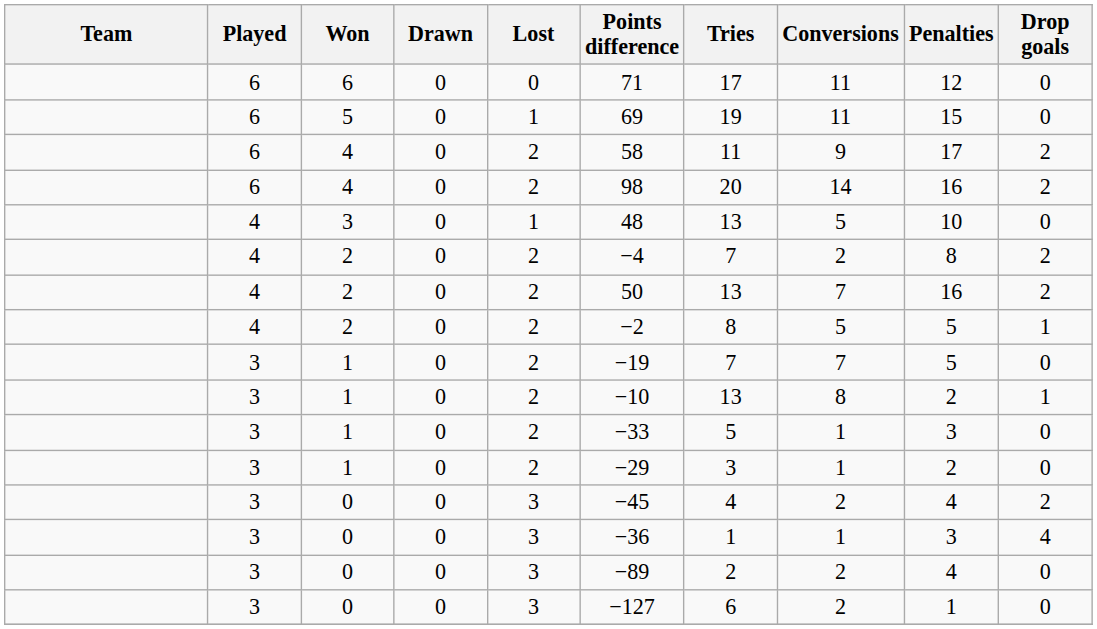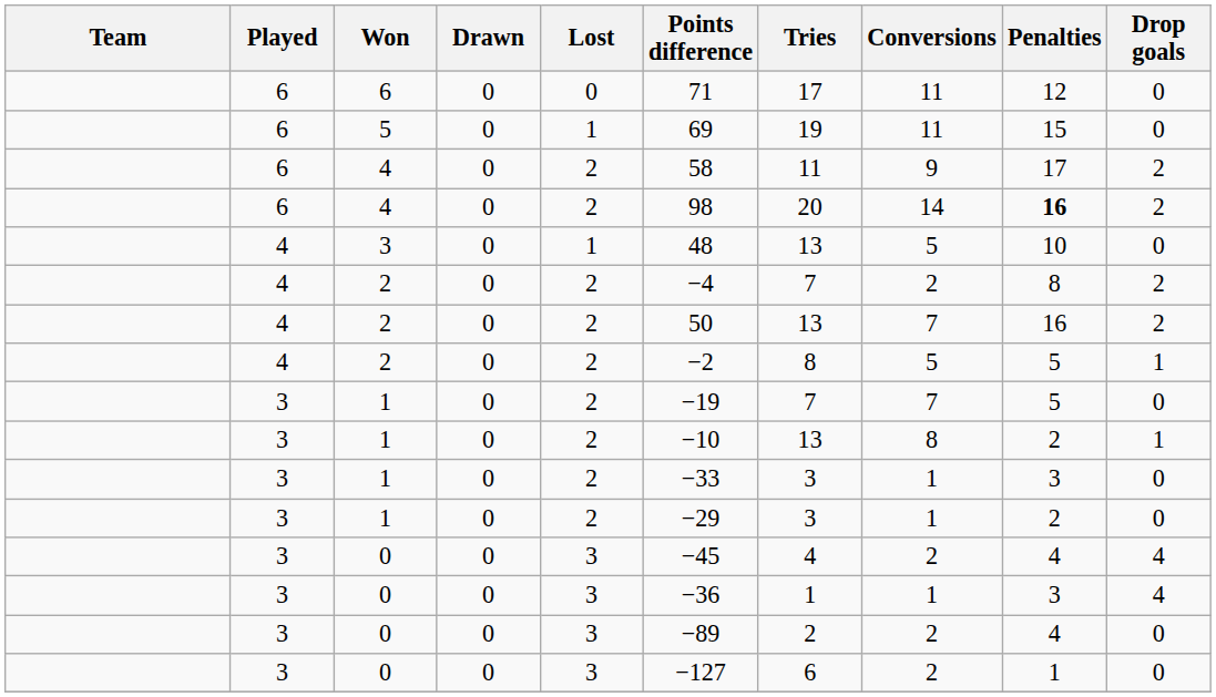 <table class="wikitable sortable" style=text-align:center>
 <tr>
 <th width=140>Team</th>
 <th width=60>Played</th>
 <th width=60>Won</th>
 <th width=60>Drawn</th>
 <th width=60>Lost</th>
 <th width=60>Points<br>difference</th>
 <th width=60>Tries</th>
 <th width=60>Conversions</th>
 <th width=60>Penalties</th>
 <th width=60>Drop goals</th>
 </tr>
 <tr>
 <td align=left></td>
 <td>6</td>
 <td>6</td>
 <td>0</td>
 <td>0</td>
 <td>71</td>
 <td>17</td>
 <td>11</td>
 <td>12</td>
 <td>0</td>
 </tr>
 <tr>
 <td align=left></td>
 <td>6</td>
 <td>5</td>
 <td>0</td>
 <td>1</td>
 <td>69</td>
 <td>19</td>
 <td>11</td>
 <td>15</td>
 <td>0</td>
 </tr>
 <tr>
 <td align=left></td>
 <td>6</td>
 <td>4</td>
 <td>0</td>
 <td>2</td>
 <td>58</td>
 <td>11</td>
 <td>9</td>
 <td>17</td>
 <td>2</td>
 </tr>
 <tr>
 <td align=left></td>
 <td>6</td>
 <td>4</td>
 <td>0</td>
 <td>2</td>
 <td>98</td>
 <td>20</td>
 <td>14</td>
-<td>16</td>
+<td><strong>16</strong></td>
 <td>2</td>
 </tr>
 <tr>
 <td align=left></td>
 <td>4</td>
 <td>3</td>
 <td>0</td>
 <td>1</td>
 <td>48</td>
 <td>13</td>
 <td>5</td>
 <td>10</td>
 <td>0</td>
 </tr>
 <tr>
 <td align=left></td>
 <td>4</td>
 <td>2</td>
 <td>0</td>
 <td>2</td>
 <td>−4</td>
 <td>7</td>
 <td>2</td>
 <td>8</td>
 <td>2</td>
 </tr>
 <tr>
 <td align=left></td>
 <td>4</td>
 <td>2</td>
 <td>0</td>
 <td>2</td>
 <td>50</td>
 <td>13</td>
 <td>7</td>
 <td>16</td>
 <td>2</td>
 </tr>
 <tr>
 <td align=left></td>
 <td>4</td>
 <td>2</td>
 <td>0</td>
 <td>2</td>
 <td>−2</td>
 <td>8</td>
 <td>5</td>
 <td>5</td>
 <td>1</td>
 </tr>
 <tr>
 <td align=left></td>
 <td>3</td>
 <td>1</td>
 <td>0</td>
 <td>2</td>
 <td>−19</td>
 <td>7</td>
 <td>7</td>
 <td>5</td>
 <td>0</td>
 </tr>
 <tr>
 <td align=left></td>
 <td>3</td>
 <td>1</td>
 <td>0</td>
 <td>2</td>
 <td>−10</td>
 <td>13</td>
 <td>8</td>
 <td>2</td>
 <td>1</td>
 </tr>
 <tr>
 <td align=left></td>
 <td>3</td>
 <td>1</td>
 <td>0</td>
 <td>2</td>
 <td>−33</td>
-<td>5</td>
+<td>3</td>
 <td>1</td>
 <td>3</td>
 <td>0</td>
 </tr>
 <tr>
 <td align=left></td>
 <td>3</td>
 <td>1</td>
 <td>0</td>
 <td>2</td>
 <td>−29</td>
 <td>3</td>
 <td>1</td>
 <td>2</td>
 <td>0</td>
 </tr>
 <tr>
 <td align=left></td>
 <td>3</td>
 <td>0</td>
 <td>0</td>
 <td>3</td>
 <td>−45</td>
 <td>4</td>
 <td>2</td>
 <td>4</td>
-<td>2</td>
+<td>4</td>
 </tr>
 <tr>
 <td align=left></td>
 <td>3</td>
 <td>0</td>
 <td>0</td>
 <td>3</td>
 <td>−36</td>
 <td>1</td>
 <td>1</td>
 <td>3</td>
 <td>4</td>
 </tr>
 <tr>
 <td align=left></td>
 <td>3</td>
 <td>0</td>
 <td>0</td>
 <td>3</td>
 <td>−89</td>
 <td>2</td>
 <td>2</td>
 <td>4</td>
 <td>0</td>
 </tr>
 <tr>
 <td align=left></td>
 <td>3</td>
 <td>0</td>
 <td>0</td>
 <td>3</td>
 <td>−127</td>
 <td>6</td>
 <td>2</td>
 <td>1</td>
 <td>0</td>
 </tr>
 <tr>
 </tr>
 </table>
